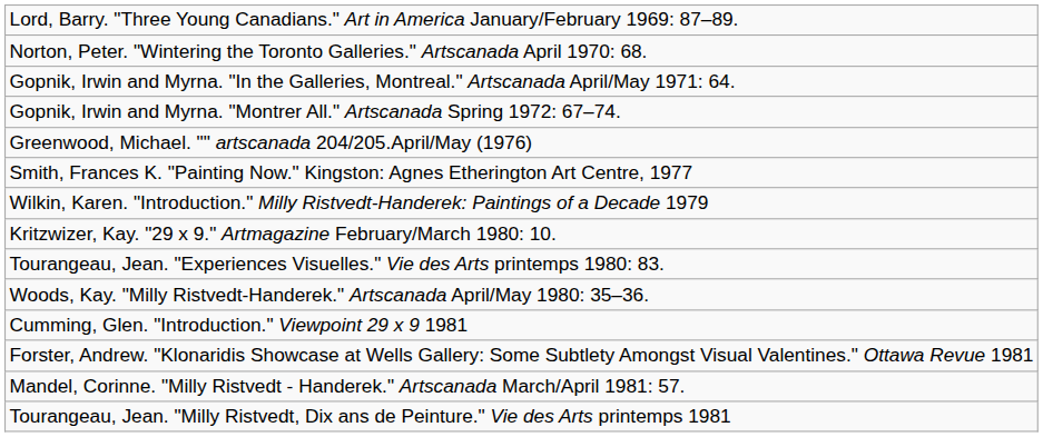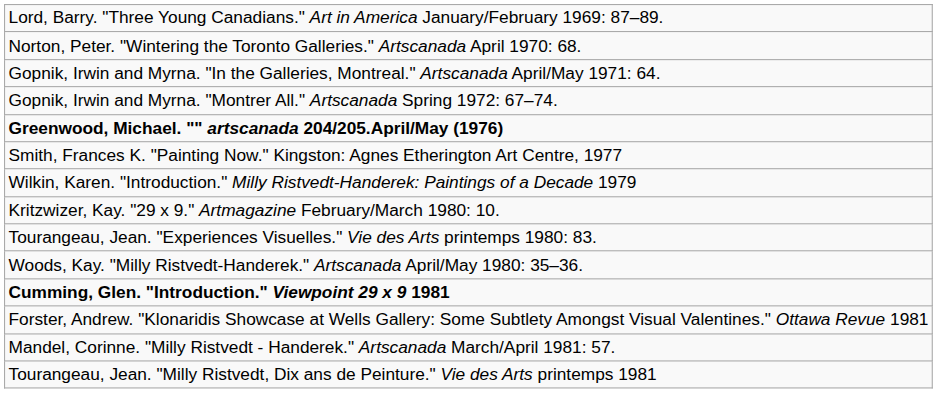 <table class="wikitable">
 <tr>
 <td>Lord, Barry. "Three Young Canadians." <em>Art in America</em> January/February 1969: 87–89.</td>
 </tr>
 <tr>
 <td>Norton, Peter. "Wintering the Toronto Galleries." <em>Artscanada</em> April 1970: 68.</td>
 </tr>
 <tr>
 <td>Gopnik, Irwin and Myrna. "In the Galleries, Montreal." <em>Artscanada</em> April/May 1971: 64.</td>
 </tr>
 <tr>
 <td>Gopnik, Irwin and Myrna. "Montrer All." <em>Artscanada</em> Spring 1972: 67–74.</td>
 </tr>
 <tr>
-<td>Greenwood, Michael. "" <em>artscanada</em> 204/205.April/May (1976)</td>
+<td><strong>Greenwood, Michael. "" <em>artscanada</em> 204/205.April/May (1976)</strong></td>
 </tr>
 <tr>
 <td>Smith, Frances K. "Painting Now." Kingston: Agnes Etherington Art Centre, 1977</td>
 </tr>
 <tr>
 <td>Wilkin, Karen. "Introduction." <em>Milly Ristvedt-Handerek: Paintings of a Decade</em> 1979</td>
 </tr>
 <tr>
 <td>Kritzwizer, Kay. "29 x 9." <em>Artmagazine</em> February/March 1980: 10.</td>
 </tr>
 <tr>
 <td>Tourangeau, Jean. "Experiences Visuelles." <em>Vie des Arts</em> printemps 1980: 83.</td>
 </tr>
 <tr>
 <td>Woods, Kay. "Milly Ristvedt-Handerek." <em>Artscanada</em> April/May 1980: 35–36.</td>
 </tr>
 <tr>
-<td>Cumming, Glen. "Introduction." <em>Viewpoint 29 x 9</em> 1981</td>
+<td><strong>Cumming, Glen. "Introduction." <em>Viewpoint 29 x 9</em> 1981</strong></td>
 </tr>
 <tr>
 <td>Forster, Andrew. "Klonaridis Showcase at Wells Gallery: Some Subtlety Amongst Visual Valentines." <em>Ottawa Revue</em> 1981</td>
 </tr>
 <tr>
 <td>Mandel, Corinne. "Milly Ristvedt - Handerek." <em>Artscanada</em> March/April 1981: 57.</td>
 </tr>
 <tr>
 <td>Tourangeau, Jean. "Milly Ristvedt, Dix ans de Peinture." <em>Vie des Arts</em> printemps 1981</td>
 </tr>
 </table>
